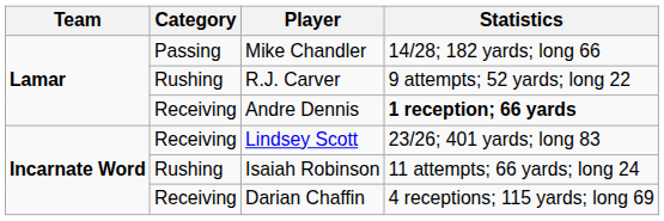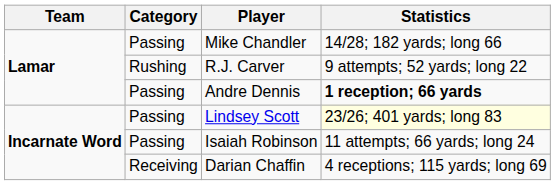 <table class="wikitable" style="float: right;">
 <tr>
 <th>Team</th>
 <th>Category</th>
 <th>Player</th>
 <th>Statistics</th>
 </tr>
 <tr>
 <td rowspan=3><strong>Lamar</strong></td>
 <td>Passing</td>
 <td>Mike Chandler</td>
 <td>14/28; 182 yards; long 66</td>
 </tr>
 <tr>
 <td>Rushing</td>
 <td>R.J. Carver</td>
 <td>9 attempts; 52 yards; long 22</td>
 </tr>
 <tr>
-<td>Receiving</td>
+<td>Passing</td>
 <td>Andre Dennis</td>
 <td><strong>1 reception; 66 yards</strong></td>
 </tr>
 <tr>
 <td rowspan=3><strong>Incarnate Word</strong></td>
-<td>Receiving</td>
+<td>Passing</td>
 <td><a href='#'>Lindsey Scott</a></td>
-<td>23/26; 401 yards; long 83</td>
+<td style="background: lightyellow;">23/26; 401 yards; long 83</td>
 </tr>
 <tr>
-<td>Rushing</td>
+<td>Passing</td>
 <td>Isaiah Robinson</td>
 <td>11 attempts; 66 yards; long 24</td>
 </tr>
 <tr>
 <td>Receiving</td>
 <td>Darian Chaffin</td>
 <td>4 receptions; 115 yards; long 69</td>
 </tr>
 </table>
